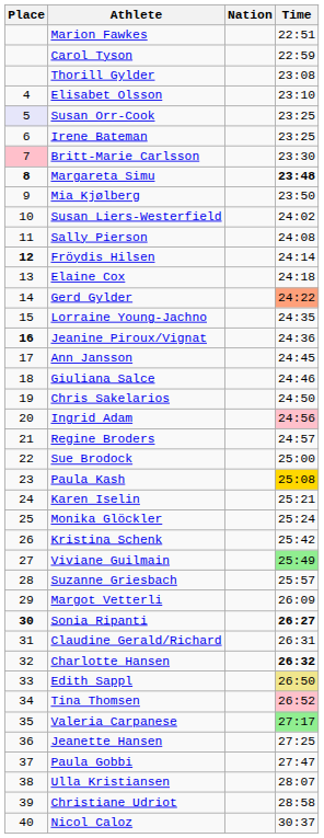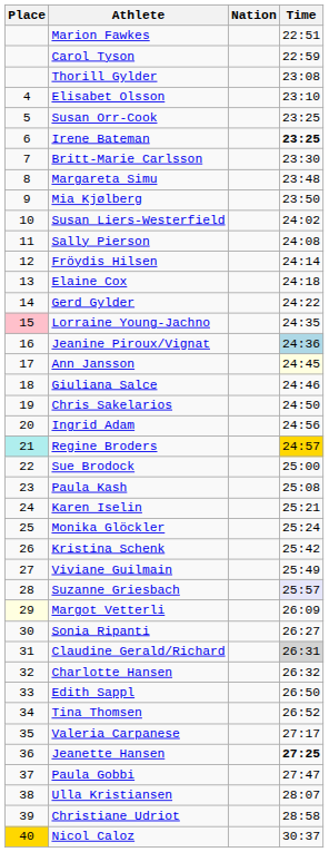 <table class=wikitable>
 <tr>
 <th>Place</th>
 <th>Athlete</th>
 <th>Nation</th>
 <th>Time</th>
 </tr>
 <tr>
 <td align=center></td>
 <td><a href='#'>Marion Fawkes</a></td>
 <td></td>
 <td>22:51</td>
 </tr>
 <tr>
 <td align=center></td>
 <td><a href='#'>Carol Tyson</a></td>
 <td></td>
 <td>22:59</td>
 </tr>
 <tr>
 <td align=center></td>
 <td><a href='#'>Thorill Gylder</a></td>
 <td></td>
 <td>23:08</td>
 </tr>
 <tr>
 <td align=center>4</td>
 <td><a href='#'>Elisabet Olsson</a></td>
 <td></td>
 <td>23:10</td>
 </tr>
 <tr>
-<td align=center style="background: lavender;">5</td>
+<td align=center>5</td>
 <td><a href='#'>Susan Orr-Cook</a></td>
 <td></td>
 <td>23:25</td>
 </tr>
 <tr>
 <td align=center>6</td>
 <td><a href='#'>Irene Bateman</a></td>
 <td></td>
-<td>23:25</td>
+<td><strong>23:25</strong></td>
 </tr>
 <tr>
-<td align=center style="background: pink;">7</td>
+<td align=center>7</td>
 <td><a href='#'>Britt-Marie Carlsson</a></td>
 <td></td>
 <td>23:30</td>
 </tr>
 <tr>
-<td align=center><strong>8</strong></td>
+<td align=center>8</td>
 <td><a href='#'>Margareta Simu</a></td>
 <td></td>
-<td><strong>23:48</strong></td>
+<td>23:48</td>
 </tr>
 <tr>
 <td align=center>9</td>
 <td><a href='#'>Mia Kjølberg</a></td>
 <td></td>
 <td>23:50</td>
 </tr>
 <tr>
 <td align=center>10</td>
 <td><a href='#'>Susan Liers-Westerfield</a></td>
 <td></td>
 <td>24:02</td>
 </tr>
 <tr>
 <td align=center>11</td>
 <td><a href='#'>Sally Pierson</a></td>
 <td></td>
 <td>24:08</td>
 </tr>
 <tr>
-<td align=center><strong>12</strong></td>
+<td align=center>12</td>
 <td><a href='#'>Fröydis Hilsen</a></td>
 <td></td>
 <td>24:14</td>
 </tr>
 <tr>
 <td align=center>13</td>
 <td><a href='#'>Elaine Cox</a></td>
 <td></td>
 <td>24:18</td>
 </tr>
 <tr>
 <td align=center>14</td>
 <td><a href='#'>Gerd Gylder</a></td>
 <td></td>
-<td style="background: lightsalmon;">24:22</td>
+<td>24:22</td>
 </tr>
 <tr>
-<td align=center>15</td>
+<td align=center style="background: pink;">15</td>
 <td><a href='#'>Lorraine Young-Jachno</a></td>
 <td></td>
 <td>24:35</td>
 </tr>
 <tr>
-<td align=center><strong>16</strong></td>
+<td align=center>16</td>
 <td><a href='#'>Jeanine Piroux/Vignat</a></td>
 <td></td>
-<td>24:36</td>
+<td style="background: lightblue;">24:36</td>
 </tr>
 <tr>
 <td align=center>17</td>
 <td><a href='#'>Ann Jansson</a></td>
 <td></td>
-<td>24:45</td>
+<td style="background: lightyellow;">24:45</td>
 </tr>
 <tr>
 <td align=center>18</td>
 <td><a href='#'>Giuliana Salce</a></td>
 <td></td>
 <td>24:46</td>
 </tr>
 <tr>
 <td align=center>19</td>
 <td><a href='#'>Chris Sakelarios</a></td>
 <td></td>
 <td>24:50</td>
 </tr>
 <tr>
 <td align=center>20</td>
 <td><a href='#'>Ingrid Adam</a></td>
 <td></td>
-<td style="background: pink;">24:56</td>
+<td>24:56</td>
 </tr>
 <tr>
-<td align=center>21</td>
+<td align=center style="background: paleturquoise;">21</td>
 <td><a href='#'>Regine Broders</a></td>
 <td></td>
-<td>24:57</td>
+<td style="background: gold;">24:57</td>
 </tr>
 <tr>
 <td align=center>22</td>
 <td><a href='#'>Sue Brodock</a></td>
 <td></td>
 <td>25:00</td>
 </tr>
 <tr>
 <td align=center>23</td>
 <td><a href='#'>Paula Kash</a></td>
 <td></td>
-<td style="background: gold;">25:08</td>
+<td>25:08</td>
 </tr>
 <tr>
 <td align=center>24</td>
 <td><a href='#'>Karen Iselin</a></td>
 <td></td>
 <td>25:21</td>
 </tr>
 <tr>
 <td align=center>25</td>
 <td><a href='#'>Monika Glöckler</a></td>
 <td></td>
 <td>25:24</td>
 </tr>
 <tr>
 <td align=center>26</td>
 <td><a href='#'>Kristina Schenk</a></td>
 <td></td>
 <td>25:42</td>
 </tr>
 <tr>
 <td align=center>27</td>
 <td><a href='#'>Viviane Guilmain</a></td>
 <td></td>
-<td style="background: lightgreen;">25:49</td>
+<td>25:49</td>
 </tr>
 <tr>
 <td align=center>28</td>
 <td><a href='#'>Suzanne Griesbach</a></td>
 <td></td>
-<td>25:57</td>
+<td style="background: lavender;">25:57</td>
 </tr>
 <tr>
-<td align=center>29</td>
+<td align=center style="background: lightyellow;">29</td>
 <td><a href='#'>Margot Vetterli</a></td>
 <td></td>
 <td>26:09</td>
 </tr>
 <tr>
-<td align=center><strong>30</strong></td>
+<td align=center>30</td>
 <td><a href='#'>Sonia Ripanti</a></td>
 <td></td>
-<td><strong>26:27</strong></td>
+<td>26:27</td>
 </tr>
 <tr>
 <td align=center>31</td>
 <td><a href='#'>Claudine Gerald/Richard</a></td>
 <td></td>
-<td>26:31</td>
+<td style="background: lightgrey;">26:31</td>
 </tr>
 <tr>
 <td align=center>32</td>
 <td><a href='#'>Charlotte Hansen</a></td>
 <td></td>
-<td><strong>26:32</strong></td>
+<td>26:32</td>
 </tr>
 <tr>
 <td align=center>33</td>
 <td><a href='#'>Edith Sappl</a></td>
 <td></td>
-<td style="background: khaki;">26:50</td>
+<td>26:50</td>
 </tr>
 <tr>
 <td align=center>34</td>
 <td><a href='#'>Tina Thomsen</a></td>
 <td></td>
-<td style="background: pink;">26:52</td>
+<td>26:52</td>
 </tr>
 <tr>
 <td align=center>35</td>
 <td><a href='#'>Valeria Carpanese</a></td>
 <td></td>
-<td style="background: lightgreen;">27:17</td>
+<td>27:17</td>
 </tr>
 <tr>
 <td align=center>36</td>
 <td><a href='#'>Jeanette Hansen</a></td>
 <td></td>
-<td>27:25</td>
+<td><strong>27:25</strong></td>
 </tr>
 <tr>
 <td align=center>37</td>
 <td><a href='#'>Paula Gobbi</a></td>
 <td></td>
 <td>27:47</td>
 </tr>
 <tr>
 <td align=center>38</td>
 <td><a href='#'>Ulla Kristiansen</a></td>
 <td></td>
 <td>28:07</td>
 </tr>
 <tr>
 <td align=center>39</td>
 <td><a href='#'>Christiane Udriot</a></td>
 <td></td>
 <td>28:58</td>
 </tr>
 <tr>
-<td align=center>40</td>
+<td align=center style="background: gold;">40</td>
 <td><a href='#'>Nicol Caloz</a></td>
 <td></td>
 <td>30:37</td>
 </tr>
 </table>
